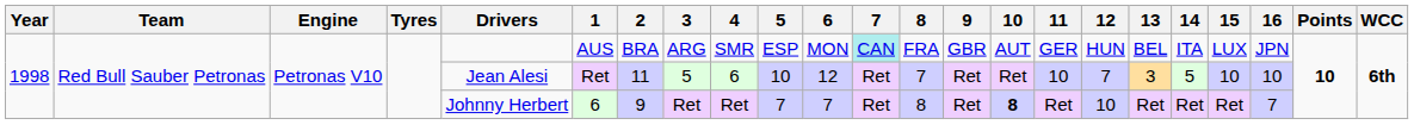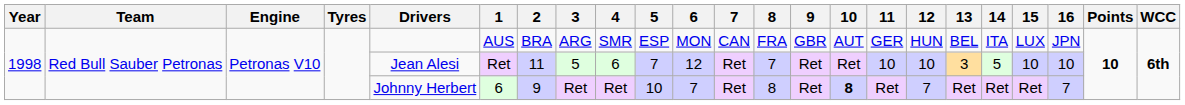 <table class="wikitable" style="text-align:center; font-size:95%">
 <tr>
 <th>Year</th>
 <th>Team</th>
 <th>Engine</th>
 <th>Tyres</th>
 <th>Drivers</th>
 <th>1</th>
 <th>2</th>
 <th>3</th>
 <th>4</th>
 <th>5</th>
 <th>6</th>
 <th>7</th>
 <th>8</th>
 <th>9</th>
 <th>10</th>
 <th>11</th>
 <th>12</th>
 <th>13</th>
 <th>14</th>
 <th>15</th>
 <th>16</th>
 <th>Points</th>
 <th>WCC</th>
 </tr>
 <tr>
 <td rowspan="3"><a href='#'>1998</a></td>
 <td rowspan="3"><a href='#'>Red Bull</a> <a href='#'>Sauber</a> <a href='#'>Petronas</a></td>
 <td rowspan="3"><a href='#'>Petronas</a> <a href='#'>V10</a></td>
 <td rowspan="3"></td>
 <td></td>
 <td><a href='#'>AUS</a></td>
 <td><a href='#'>BRA</a></td>
 <td><a href='#'>ARG</a></td>
 <td><a href='#'>SMR</a></td>
 <td><a href='#'>ESP</a></td>
 <td><a href='#'>MON</a></td>
-<td style="background: paleturquoise;"><a href='#'>CAN</a></td>
+<td><a href='#'>CAN</a></td>
 <td><a href='#'>FRA</a></td>
 <td><a href='#'>GBR</a></td>
 <td><a href='#'>AUT</a></td>
 <td><a href='#'>GER</a></td>
 <td><a href='#'>HUN</a></td>
 <td><a href='#'>BEL</a></td>
 <td><a href='#'>ITA</a></td>
 <td><a href='#'>LUX</a></td>
 <td><a href='#'>JPN</a></td>
 <td rowspan="3"><strong>10</strong></td>
 <td rowspan="3"><strong>6th</strong></td>
 </tr>
 <tr>
 <td> <a href='#'>Jean Alesi</a></td>
 <td style="background:#EFCFFF;">Ret</td>
 <td style="background:#CFCFFF;">11</td>
 <td style="background:#DFFFDF;">5</td>
 <td style="background:#DFFFDF;">6</td>
-<td style="background:#CFCFFF;">10</td>
+<td style="background:#CFCFFF;">7</td>
 <td style="background:#CFCFFF;">12</td>
 <td style="background:#EFCFFF;">Ret</td>
 <td style="background:#CFCFFF;">7</td>
 <td style="background:#EFCFFF;">Ret</td>
 <td style="background:#EFCFFF;">Ret</td>
 <td style="background:#CFCFFF;">10</td>
-<td style="background:#CFCFFF;">7</td>
+<td style="background:#CFCFFF;">10</td>
 <td style="background:#FFDF9F;">3</td>
 <td style="background:#DFFFDF;">5</td>
 <td style="background:#CFCFFF;">10</td>
 <td style="background:#CFCFFF;">10</td>
 </tr>
 <tr>
 <td> <a href='#'>Johnny Herbert</a></td>
 <td style="background:#DFFFDF;">6</td>
 <td style="background:#CFCFFF;">9</td>
 <td style="background:#EFCFFF;">Ret</td>
 <td style="background:#EFCFFF;">Ret</td>
-<td style="background:#CFCFFF;">7</td>
+<td style="background:#CFCFFF;">10</td>
 <td style="background:#CFCFFF;">7</td>
 <td style="background:#EFCFFF;">Ret</td>
 <td style="background:#CFCFFF;">8</td>
 <td style="background:#EFCFFF;">Ret</td>
 <td style="background:#CFCFFF;"><strong>8</strong></td>
 <td style="background:#EFCFFF;">Ret</td>
-<td style="background:#CFCFFF;">10</td>
+<td style="background:#CFCFFF;">7</td>
 <td style="background:#EFCFFF;">Ret</td>
 <td style="background:#EFCFFF;">Ret</td>
 <td style="background:#EFCFFF;">Ret</td>
 <td style="background:#CFCFFF;">7</td>
 </tr>
 </table>
